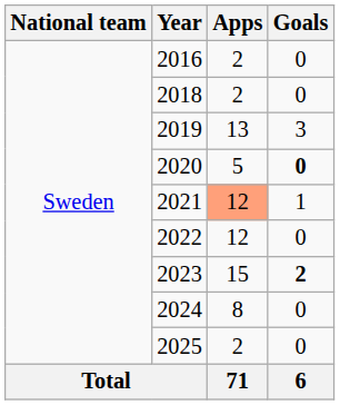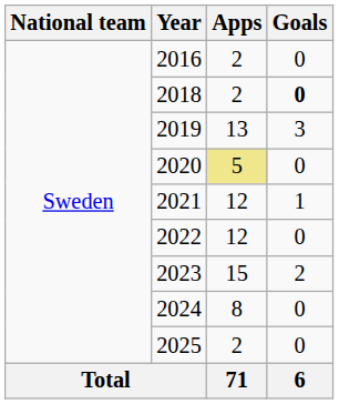 <table class="wikitable" style="text-align:center">
 <tr>
 <th>National team</th>
 <th>Year</th>
 <th>Apps</th>
 <th>Goals</th>
 </tr>
 <tr>
 <td rowspan="9"><a href='#'>Sweden</a></td>
 <td>2016</td>
 <td>2</td>
 <td>0</td>
 </tr>
 <tr>
 <td>2018</td>
 <td>2</td>
-<td>0</td>
+<td><strong>0</strong></td>
 </tr>
 <tr>
 <td>2019</td>
 <td>13</td>
 <td>3</td>
 </tr>
 <tr>
 <td>2020</td>
-<td>5</td>
-<td><strong>0</strong></td>
+<td style="background: khaki;">5</td>
+<td>0</td>
 </tr>
 <tr>
 <td>2021</td>
-<td style="background: lightsalmon;">12</td>
+<td>12</td>
 <td>1</td>
 </tr>
 <tr>
 <td>2022</td>
 <td>12</td>
 <td>0</td>
 </tr>
 <tr>
 <td>2023</td>
 <td>15</td>
-<td><strong>2</strong></td>
+<td>2</td>
 </tr>
 <tr>
 <td>2024</td>
 <td>8</td>
 <td>0</td>
 </tr>
 <tr>
 <td>2025</td>
 <td>2</td>
 <td>0</td>
 </tr>
 <tr>
 <th colspan="2">Total</th>
 <th>71</th>
 <th>6</th>
 </tr>
 </table>
